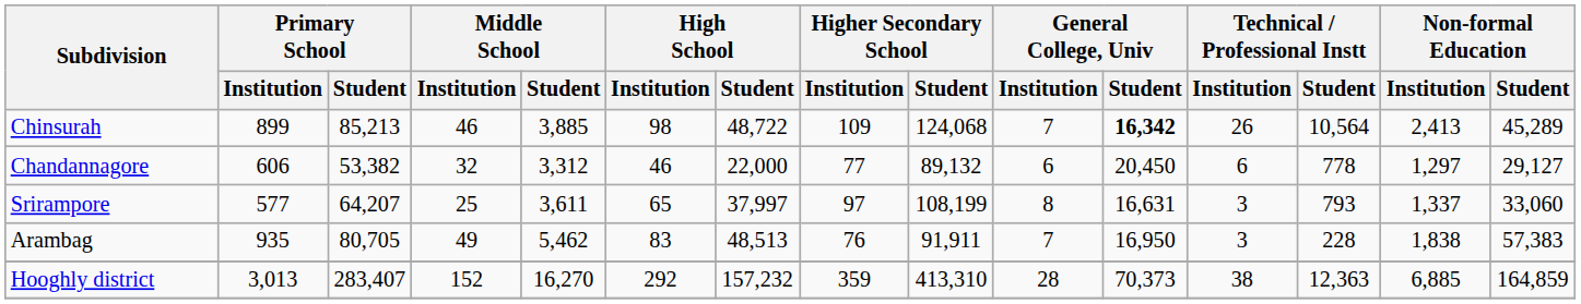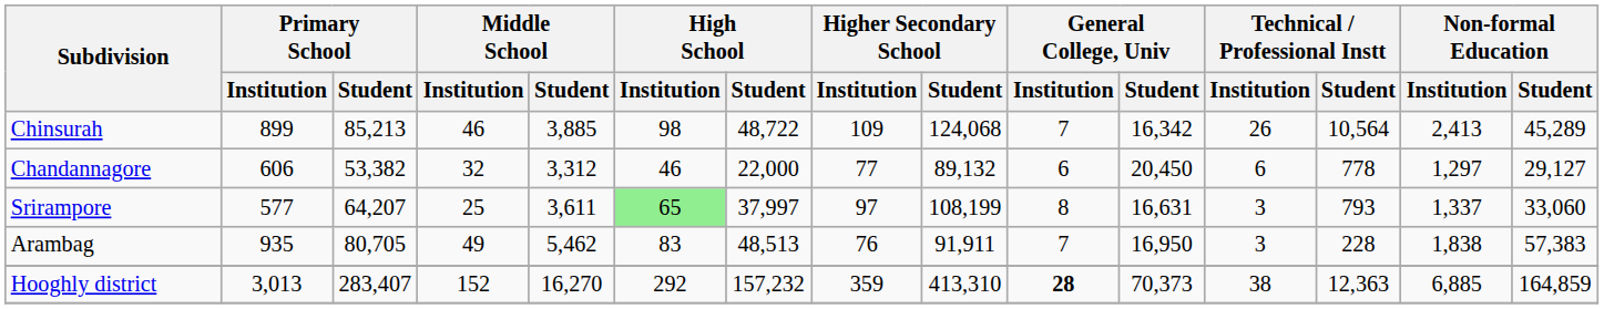 <table class="wikitable" style="text-align:center;font-size: 9pt">
 <tr>
 <th width="110" rowspan="2">Subdivision</th>
 <th colspan="2">Primary<br>School</th>
 <th colspan="2">Middle<br>School</th>
 <th colspan="2">High<br>School</th>
 <th colspan="2">Higher Secondary<br>School</th>
 <th colspan="2">General<br>College, Univ</th>
 <th colspan="2">Technical /<br>Professional Instt</th>
 <th colspan="2">Non-formal<br>Education</th>
 </tr>
 <tr>
 <th width="30">Institution</th>
 <th width="30">Student</th>
 <th width="30">Institution</th>
 <th width="30">Student</th>
 <th width="30">Institution</th>
 <th width="30">Student</th>
 <th width="30">Institution</th>
 <th width="30">Student</th>
 <th width="30">Institution</th>
 <th width="30">Student<br></th>
 <th width="30">Institution</th>
 <th width="30">Student</th>
 <th width="30">Institution</th>
 <th width="30">Student<br></th>
 </tr>
 <tr>
 <td align=left><a href='#'>Chinsurah</a></td>
 <td align="center">899</td>
 <td align="center">85,213</td>
 <td align="center">46</td>
 <td align="center">3,885</td>
 <td align="center">98</td>
 <td align="center">48,722</td>
 <td align="center">109</td>
 <td align="center">124,068</td>
 <td align="center">7</td>
-<td align="center"><strong>16,342</strong></td>
+<td align="center">16,342</td>
 <td align="center">26</td>
 <td align="center">10,564</td>
 <td align="center">2,413</td>
 <td align="center">45,289</td>
 </tr>
 <tr>
 <td align=left><a href='#'>Chandannagore</a></td>
 <td align="center">606</td>
 <td align="center">53,382</td>
 <td align="center">32</td>
 <td align="center">3,312</td>
 <td align="center">46</td>
 <td align="center">22,000</td>
 <td align="center">77</td>
 <td align="center">89,132</td>
 <td align="center">6</td>
 <td align="center">20,450</td>
 <td align="center">6</td>
 <td align="center">778</td>
 <td align="center">1,297</td>
 <td align="center">29,127</td>
 </tr>
 <tr>
 <td align=left><a href='#'>Srirampore</a></td>
 <td align="center">577</td>
 <td align="center">64,207</td>
 <td align="center">25</td>
 <td align="center">3,611</td>
-<td align="center">65</td>
+<td align="center" style="background: lightgreen;">65</td>
 <td align="center">37,997</td>
 <td align="center">97</td>
 <td align="center">108,199</td>
 <td align="center">8</td>
 <td align="center">16,631</td>
 <td align="center">3</td>
 <td align="center">793</td>
 <td align="center">1,337</td>
 <td align="center">33,060</td>
 </tr>
 <tr>
 <td align=left>Arambag</td>
 <td align="center">935</td>
 <td align="center">80,705</td>
 <td align="center">49</td>
 <td align="center">5,462</td>
 <td align="center">83</td>
 <td align="center">48,513</td>
 <td align="center">76</td>
 <td align="center">91,911</td>
 <td align="center">7</td>
 <td align="center">16,950</td>
 <td align="center">3</td>
 <td align="center">228</td>
 <td align="center">1,838</td>
 <td align="center">57,383</td>
 </tr>
 <tr>
 </tr>
 <tr>
 <td align=left><a href='#'>Hooghly district</a></td>
 <td align="center">3,013</td>
 <td align="center">283,407</td>
 <td align="center">152</td>
 <td align="center">16,270</td>
 <td align="center">292</td>
 <td align="center">157,232</td>
 <td align="center">359</td>
 <td align="center">413,310</td>
-<td align="center">28</td>
+<td align="center"><strong>28</strong></td>
 <td align="center">70,373</td>
 <td align="center">38</td>
 <td align="center">12,363</td>
 <td align="center">6,885</td>
 <td align="center">164,859</td>
 </tr>
 <tr>
 </tr>
 </table>
